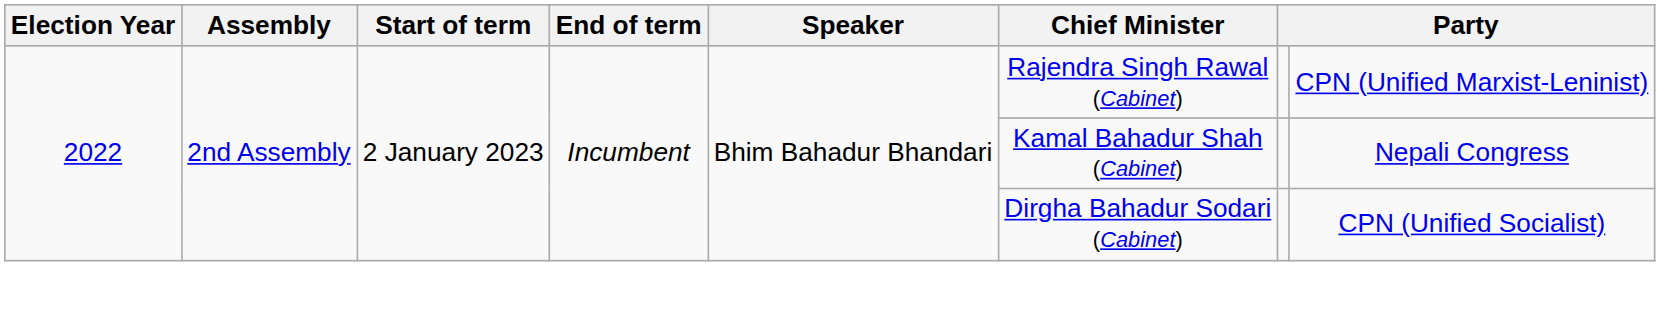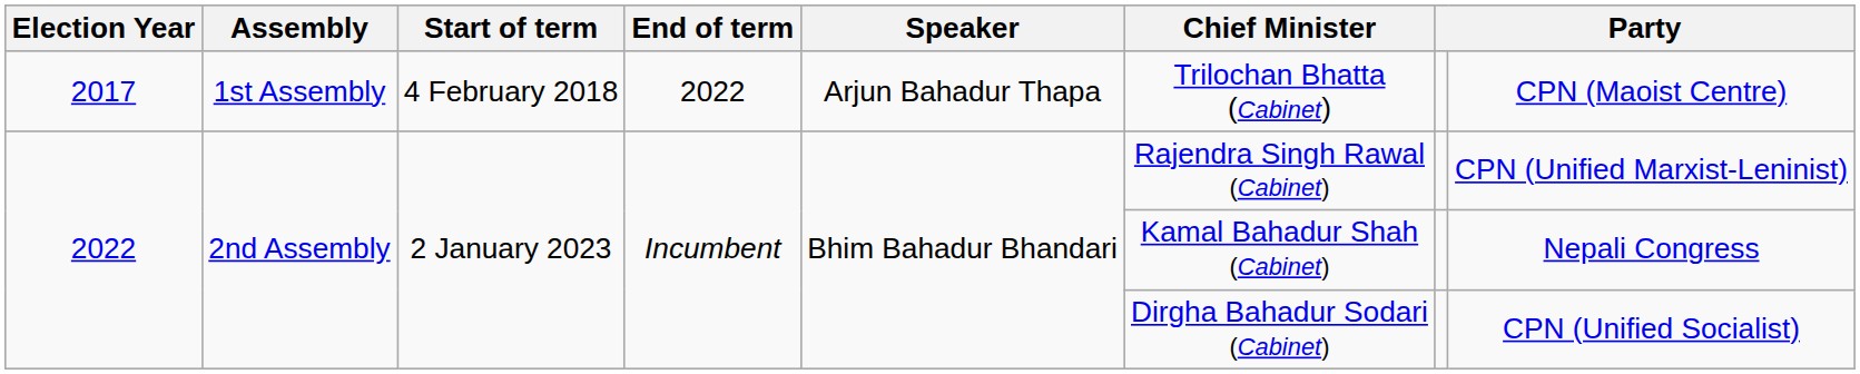 <table class="wikitable" style="text-align:center">
 <tr>
 <th>Election Year</th>
 <th>Assembly</th>
 <th>Start of term</th>
 <th>End of term</th>
 <th>Speaker</th>
 <th>Chief Minister</th>
 <th colspan="2">Party</th>
+</tr>
+<tr>
+<td><a href='#'>2017</a></td>
+<td><a href='#'>1st Assembly</a></td>
+<td>4 February 2018</td>
+<td>2022</td>
+<td>Arjun Bahadur Thapa</td>
+<td><a href='#'>Trilochan Bhatta</a><br>(<small><em><a href='#'>Cabinet</a></em></small>)</td>
+<td></td>
+<td><a href='#'>CPN (Maoist Centre)</a></td>
 </tr>
 <tr>
 <td rowspan="3"><a href='#'>2022</a></td>
 <td rowspan="3"><a href='#'>2nd Assembly</a></td>
 <td rowspan="3">2 January 2023</td>
 <td rowspan="3"><em>Incumbent</em></td>
 <td rowspan="3">Bhim Bahadur Bhandari</td>
 <td><a href='#'>Rajendra Singh Rawal</a><br><small>(<em><a href='#'>Cabinet</a></em>)</small></td>
 <td></td>
 <td><a href='#'>CPN (Unified Marxist-Leninist)</a></td>
 </tr>
 <tr>
 <td><a href='#'>Kamal Bahadur Shah</a><br><small>(<em><a href='#'>Cabinet</a></em>)</small></td>
 <td></td>
 <td><a href='#'>Nepali Congress</a></td>
 </tr>
 <tr>
 <td><a href='#'>Dirgha Bahadur Sodari</a><br><small>(<em><a href='#'>Cabinet</a></em>)</small></td>
 <td></td>
 <td><a href='#'>CPN (Unified Socialist)</a></td>
 </tr>
 </table>
